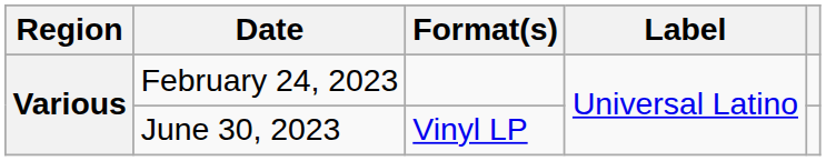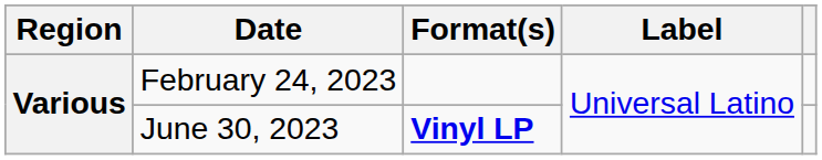 <table class="wikitable plainrowheaders">
 <tr>
 <th scope="col">Region</th>
 <th scope="col">Date</th>
 <th scope="col">Format(s)</th>
 <th scope="col">Label</th>
 <th scope="col"></th>
 </tr>
 <tr>
 <th rowspan="2" scope="row">Various</th>
 <td>February 24, 2023</td>
 <td></td>
 <td rowspan="2"><a href='#'>Universal Latino</a></td>
 <td></td>
 </tr>
 <tr>
 <td>June 30, 2023</td>
-<td><a href='#'>Vinyl LP</a></td>
+<td><strong><a href='#'>Vinyl LP</a></strong></td>
 <td></td>
 </tr>
 </table>
